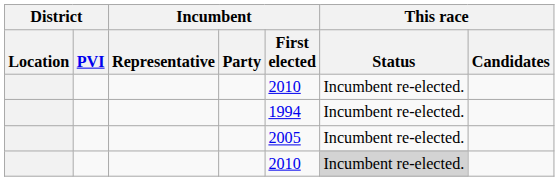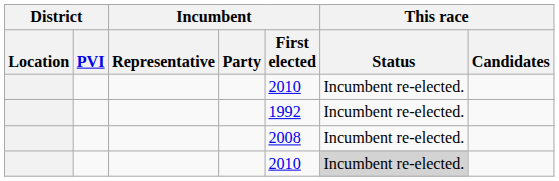 <table class="wikitable sortable">
 <tr valign=bottom>
 <th colspan=2>District</th>
 <th colspan=3>Incumbent</th>
 <th colspan=2>This race</th>
 </tr>
 <tr valign=bottom>
 <th>Location</th>
 <th><a href='#'>PVI</a></th>
 <th>Representative</th>
 <th>Party</th>
 <th>First<br>elected</th>
 <th>Status</th>
 <th>Candidates</th>
 </tr>
 <tr>
 <th></th>
 <td></td>
 <td></td>
 <td></td>
 <td><a href='#'>2010</a></td>
 <td>Incumbent re-elected.</td>
 <td nowrap></td>
 </tr>
 <tr>
 <th></th>
 <td></td>
 <td></td>
 <td></td>
-<td><a href='#'>1994</a></td>
+<td><a href='#'>1992</a></td>
 <td>Incumbent re-elected.</td>
 <td nowrap></td>
 </tr>
 <tr>
 <th></th>
 <td></td>
 <td></td>
 <td></td>
-<td><a href='#'>2005</a></td>
+<td><a href='#'>2008</a></td>
 <td>Incumbent re-elected.</td>
 <td nowrap></td>
 </tr>
 <tr>
 <th></th>
 <td></td>
 <td></td>
 <td></td>
 <td><a href='#'>2010</a></td>
 <td style="background: lightgrey;">Incumbent re-elected.</td>
 <td nowrap><br></td>
 </tr>
 </table>
